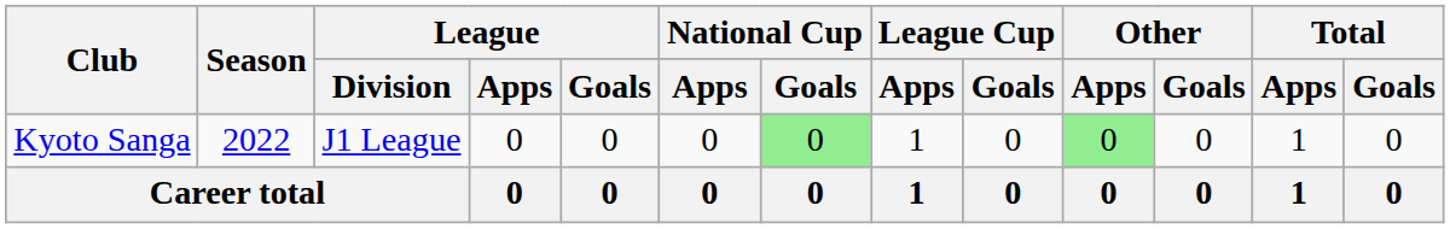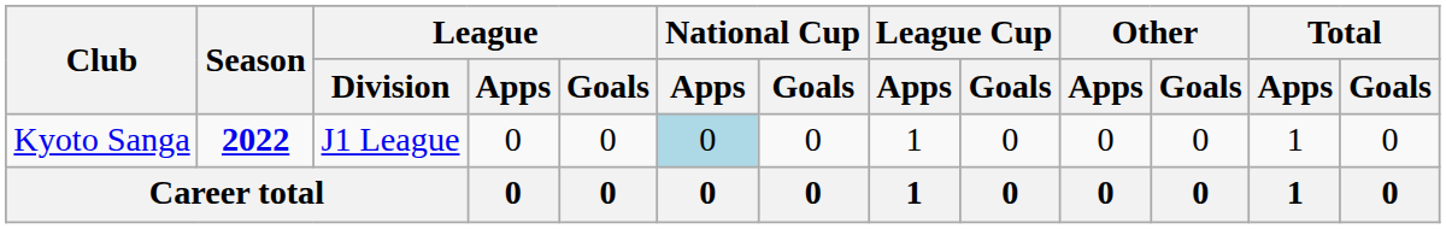 <table class="wikitable" style="text-align: center">
 <tr>
 <th rowspan="2">Club</th>
 <th rowspan="2">Season</th>
 <th colspan="3">League</th>
 <th colspan="2">National Cup</th>
 <th colspan="2">League Cup</th>
 <th colspan="2">Other</th>
 <th colspan="2">Total</th>
 </tr>
 <tr>
 <th>Division</th>
 <th>Apps</th>
 <th>Goals</th>
 <th>Apps</th>
 <th>Goals</th>
 <th>Apps</th>
 <th>Goals</th>
 <th>Apps</th>
 <th>Goals</th>
 <th>Apps</th>
 <th>Goals</th>
 </tr>
 <tr>
 <td><a href='#'>Kyoto Sanga</a></td>
-<td><a href='#'>2022</a></td>
+<td><strong><a href='#'>2022</a></strong></td>
 <td><a href='#'>J1 League</a></td>
 <td>0</td>
 <td>0</td>
+<td style="background: lightblue;">0</td>
 <td>0</td>
-<td style="background: lightgreen;">0</td>
 <td>1</td>
 <td>0</td>
-<td style="background: lightgreen;">0</td>
+<td>0</td>
 <td>0</td>
 <td>1</td>
 <td>0</td>
 </tr>
 <tr>
 <th colspan=3>Career total</th>
 <th>0</th>
 <th>0</th>
 <th>0</th>
 <th>0</th>
 <th>1</th>
 <th>0</th>
 <th>0</th>
 <th>0</th>
 <th>1</th>
 <th>0</th>
 </tr>
 </table>
